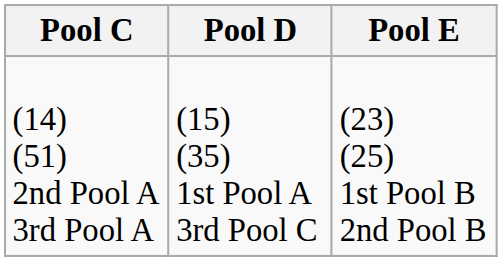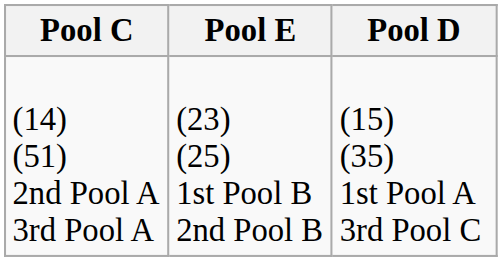 <table class="wikitable">
 <tr>
 <th width=33%>Pool C</th>
+<th width=33%>Pool E</th>
 <th width=33%>Pool D</th>
-<th width=33%>Pool E</th>
 </tr>
 <tr>
 <td><br> (14)<br>  (51)<br> 2nd Pool A<br> 3rd Pool A</td>
+<td><br> (23)<br>  (25)<br> 1st Pool B<br> 2nd Pool B</td>
 <td><br> (15)<br>  (35)<br> 1st Pool A<br> 3rd Pool C</td>
-<td><br> (23)<br>  (25)<br> 1st Pool B<br> 2nd Pool B</td>
 </tr>
 </table>
